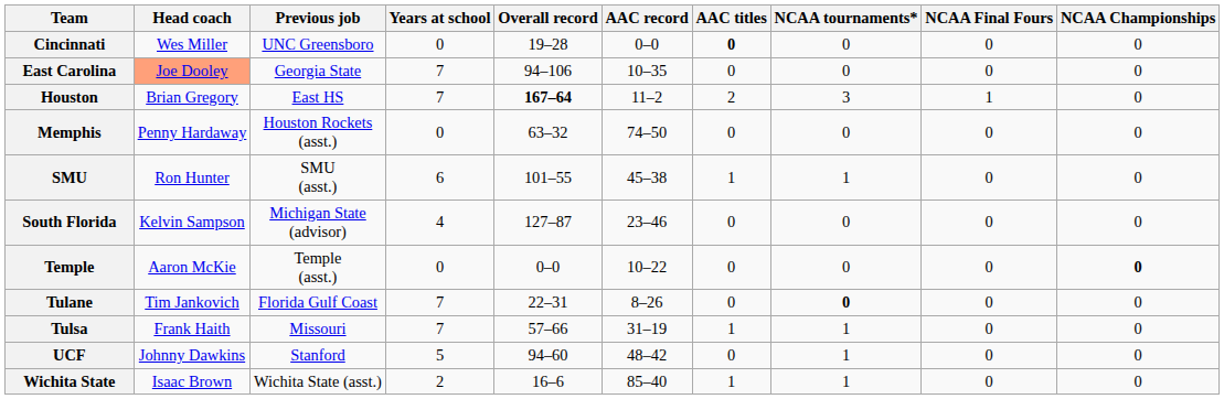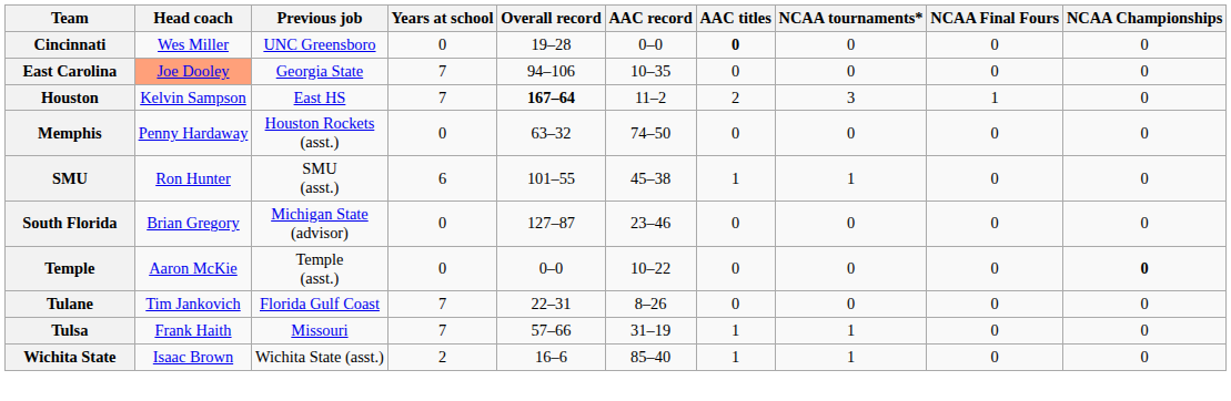 <table class="wikitable sortable" style="text-align: center;font-size:90%;">
 <tr>
 <th width="110">Team</th>
 <th>Head coach</th>
 <th>Previous job</th>
 <th>Years at school</th>
 <th>Overall record</th>
 <th>AAC record</th>
 <th>AAC titles</th>
 <th>NCAA tournaments*</th>
 <th>NCAA Final Fours</th>
 <th>NCAA Championships</th>
 </tr>
 <tr>
 <th style=>Cincinnati</th>
 <td><a href='#'>Wes Miller</a></td>
 <td><a href='#'>UNC Greensboro</a></td>
 <td>0</td>
 <td>19–28</td>
 <td>0–0</td>
 <td><strong>0</strong></td>
 <td>0</td>
 <td>0</td>
 <td>0</td>
 </tr>
 <tr>
 <th style=>East Carolina</th>
 <td style="background: lightsalmon;"><a href='#'>Joe Dooley</a></td>
 <td><a href='#'>Georgia State</a></td>
 <td>7</td>
 <td>94–106</td>
 <td>10–35</td>
 <td>0</td>
 <td>0</td>
 <td>0</td>
 <td>0</td>
 </tr>
 <tr>
 <th>Houston</th>
-<td><a href='#'>Brian Gregory</a></td>
+<td><a href='#'>Kelvin Sampson</a></td>
 <td><a href='#'>East HS</a></td>
 <td>7</td>
 <td><strong>167–64</strong></td>
 <td>11–2</td>
 <td>2</td>
 <td>3</td>
 <td>1</td>
 <td>0</td>
 </tr>
 <tr>
 <th style=>Memphis</th>
 <td><a href='#'>Penny Hardaway</a></td>
 <td><a href='#'>Houston Rockets</a><br>(asst.)</td>
 <td>0</td>
 <td>63–32</td>
 <td>74–50</td>
 <td>0</td>
 <td>0</td>
 <td>0</td>
 <td>0</td>
 </tr>
 <tr>
 <th style=>SMU</th>
 <td><a href='#'>Ron Hunter</a></td>
 <td>SMU<br>(asst.)</td>
 <td>6</td>
 <td>101–55</td>
 <td>45–38</td>
 <td>1</td>
 <td>1</td>
 <td>0</td>
 <td>0</td>
 </tr>
 <tr>
 <th style=>South Florida</th>
-<td><a href='#'>Kelvin Sampson</a></td>
+<td><a href='#'>Brian Gregory</a></td>
 <td><a href='#'>Michigan State</a><br>(advisor)</td>
-<td>4</td>
+<td>0</td>
 <td>127–87</td>
 <td>23–46</td>
 <td>0</td>
 <td>0</td>
 <td>0</td>
 <td>0</td>
 </tr>
 <tr>
 <th style=>Temple</th>
 <td><a href='#'>Aaron McKie</a></td>
 <td>Temple<br>(asst.)</td>
 <td>0</td>
 <td>0–0</td>
 <td>10–22</td>
 <td>0</td>
 <td>0</td>
 <td>0</td>
 <td><strong>0</strong></td>
 </tr>
 <tr>
 <th style=>Tulane</th>
 <td><a href='#'>Tim Jankovich</a></td>
 <td><a href='#'>Florida Gulf Coast</a></td>
 <td>7</td>
 <td>22–31</td>
 <td>8–26</td>
 <td>0</td>
-<td><strong>0</strong></td>
+<td>0</td>
 <td>0</td>
 <td>0</td>
 </tr>
 <tr>
 <th style=>Tulsa</th>
 <td><a href='#'>Frank Haith</a></td>
 <td><a href='#'>Missouri</a></td>
 <td>7</td>
 <td>57–66</td>
 <td>31–19</td>
 <td>1</td>
-<td>1</td>
-<td>0</td>
-<td>0</td>
-</tr>
-<tr>
-<th style=>UCF</th>
-<td><a href='#'>Johnny Dawkins</a></td>
-<td><a href='#'>Stanford</a></td>
-<td>5</td>
-<td>94–60</td>
-<td>48–42</td>
-<td>0</td>
 <td>1</td>
 <td>0</td>
 <td>0</td>
 </tr>
 <tr>
 <th style=>Wichita State</th>
 <td><a href='#'>Isaac Brown</a></td>
 <td>Wichita State (asst.)</td>
 <td>2</td>
 <td>16–6</td>
 <td>85–40</td>
 <td>1</td>
 <td>1</td>
 <td>0</td>
 <td>0</td>
 </tr>
 <tr>
 </tr>
 </table>
